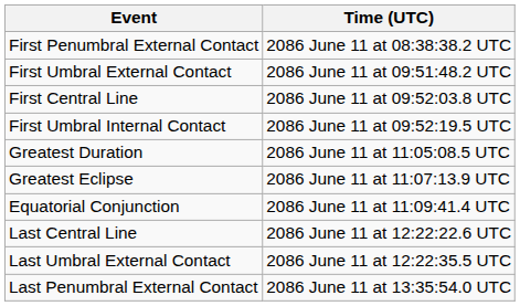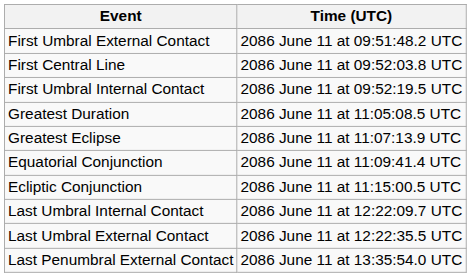 <table class="wikitable">
 <tr>
 <th>Event</th>
 <th>Time (UTC)</th>
-</tr>
-<tr>
-<td>First Penumbral External Contact</td>
-<td>2086 June 11 at 08:38:38.2 UTC</td>
 </tr>
 <tr>
 <td>First Umbral External Contact</td>
 <td>2086 June 11 at 09:51:48.2 UTC</td>
 </tr>
 <tr>
 <td>First Central Line</td>
 <td>2086 June 11 at 09:52:03.8 UTC</td>
 </tr>
 <tr>
 <td>First Umbral Internal Contact</td>
 <td>2086 June 11 at 09:52:19.5 UTC</td>
 </tr>
 <tr>
 <td>Greatest Duration</td>
 <td>2086 June 11 at 11:05:08.5 UTC</td>
 </tr>
 <tr>
 <td>Greatest Eclipse</td>
 <td>2086 June 11 at 11:07:13.9 UTC</td>
 </tr>
 <tr>
 <td>Equatorial Conjunction</td>
 <td>2086 June 11 at 11:09:41.4 UTC</td>
 </tr>
 <tr>
-<td>Last Central Line</td>
-<td>2086 June 11 at 12:22:22.6 UTC</td>
+<td>Ecliptic Conjunction</td>
+<td>2086 June 11 at 11:15:00.5 UTC</td>
+</tr>
+<tr>
+<td>Last Umbral Internal Contact</td>
+<td>2086 June 11 at 12:22:09.7 UTC</td>
 </tr>
 <tr>
 <td>Last Umbral External Contact</td>
 <td>2086 June 11 at 12:22:35.5 UTC</td>
 </tr>
 <tr>
 <td>Last Penumbral External Contact</td>
 <td>2086 June 11 at 13:35:54.0 UTC</td>
 </tr>
 </table>
